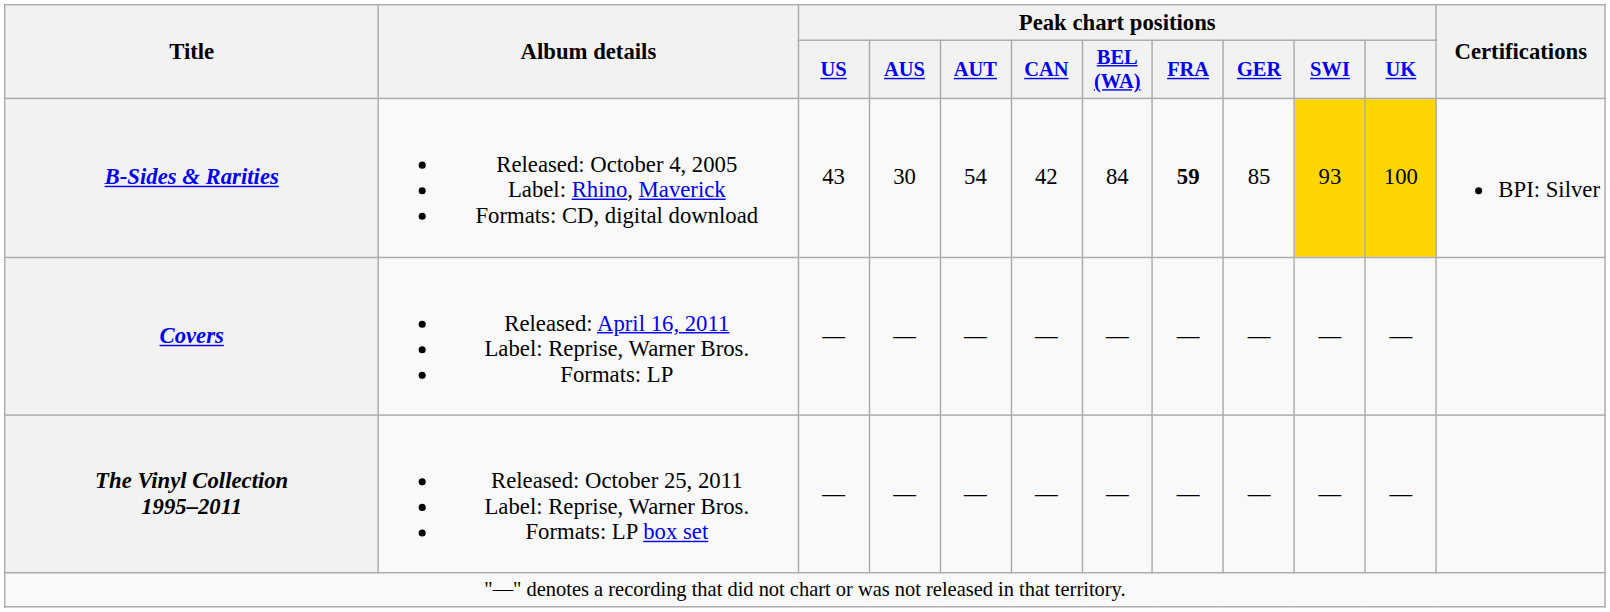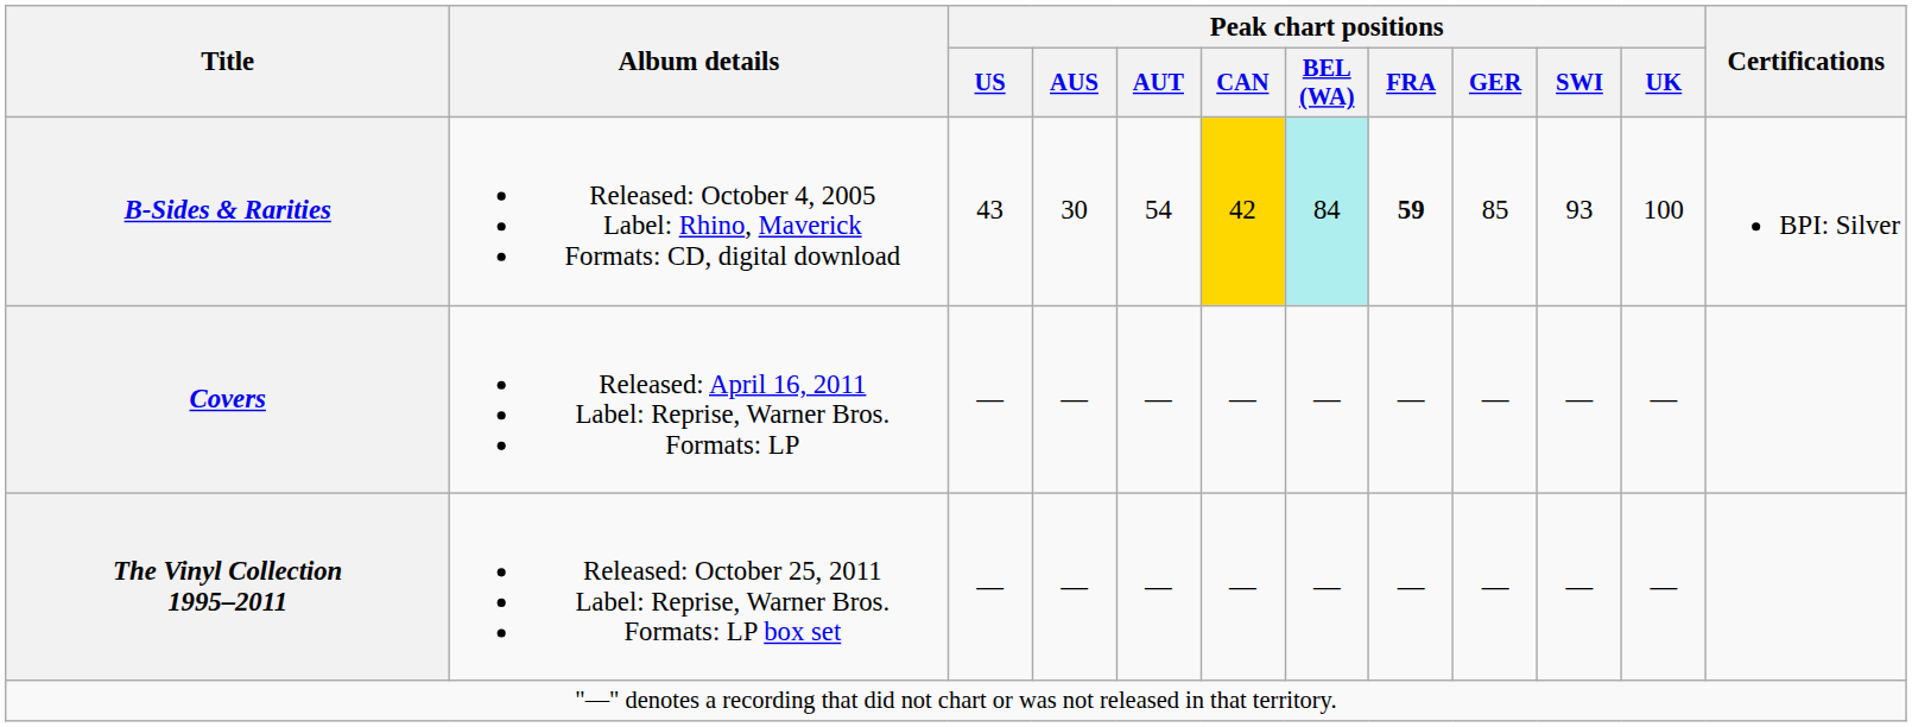 <table class="wikitable plainrowheaders" style="text-align:center;">
 <tr>
 <th scope="col" rowspan="2" style="width:16em;">Title</th>
 <th scope="col" rowspan="2" style="width:18em;">Album details</th>
 <th scope="col" colspan="9">Peak chart positions</th>
 <th scope="col" rowspan="2">Certifications</th>
 </tr>
 <tr>
 <th scope="col" style="width:3em;font-size:90%;"><a href='#'>US</a><br></th>
 <th scope="col" style="width:3em;font-size:90%;"><a href='#'>AUS</a><br></th>
 <th scope="col" style="width:3em;font-size:90%;"><a href='#'>AUT</a><br></th>
 <th scope="col" style="width:3em;font-size:90%;"><a href='#'>CAN</a><br></th>
 <th scope="col" style="width:3em;font-size:90%;"><a href='#'>BEL (WA)</a><br></th>
 <th scope="col" style="width:3em;font-size:90%;"><a href='#'>FRA</a><br></th>
 <th scope="col" style="width:3em;font-size:90%;"><a href='#'>GER</a><br></th>
 <th scope="col" style="width:3em;font-size:90%;"><a href='#'>SWI</a><br></th>
 <th scope="col" style="width:3em;font-size:90%;"><a href='#'>UK</a><br></th>
 </tr>
 <tr>
 <th scope="row"><em><a href='#'>B-Sides & Rarities</a></em></th>
 <td><br><ul><li>Released: October 4, 2005</li><li>Label: <a href='#'>Rhino</a>, <a href='#'>Maverick</a></li><li>Formats: CD, digital download</li></ul></td>
 <td>43</td>
 <td>30</td>
 <td>54</td>
-<td>42</td>
-<td>84</td>
+<td style="background: gold;">42</td>
+<td style="background: paleturquoise;">84</td>
 <td><strong>59</strong></td>
 <td>85</td>
-<td style="background: gold;">93</td>
-<td style="background: gold;">100</td>
+<td>93</td>
+<td>100</td>
 <td><br><ul><li>BPI: Silver</li></ul></td>
 </tr>
 <tr>
 <th scope="row"><em><a href='#'>Covers</a></em></th>
 <td><br><ul><li>Released: <a href='#'>April 16, 2011</a></li><li>Label: Reprise, Warner Bros.</li><li>Formats: LP</li></ul></td>
 <td>—</td>
 <td>—</td>
 <td>—</td>
 <td>—</td>
 <td>—</td>
 <td>—</td>
 <td>—</td>
 <td>—</td>
 <td>—</td>
 <td></td>
 </tr>
 <tr>
 <th scope="row"><em>The Vinyl Collection<br>1995–2011</em></th>
 <td><br><ul><li>Released: October 25, 2011</li><li>Label: Reprise, Warner Bros.</li><li>Formats: LP <a href='#'>box set</a></li></ul></td>
 <td>—</td>
 <td>—</td>
 <td>—</td>
 <td>—</td>
 <td>—</td>
 <td>—</td>
 <td>—</td>
 <td>—</td>
 <td>—</td>
 <td></td>
 </tr>
 <tr>
 <td colspan="13" style="font-size:90%">"—" denotes a recording that did not chart or was not released in that territory.</td>
 </tr>
 </table>
